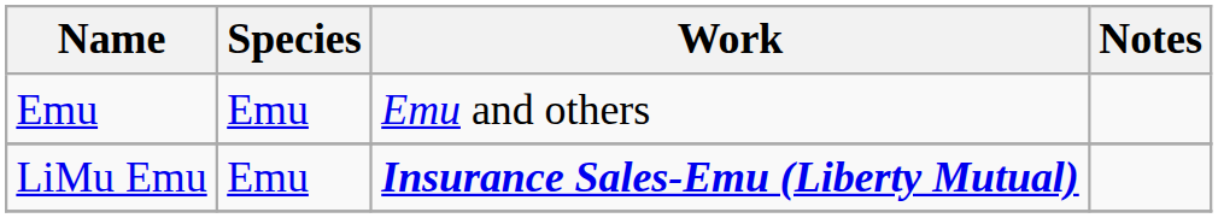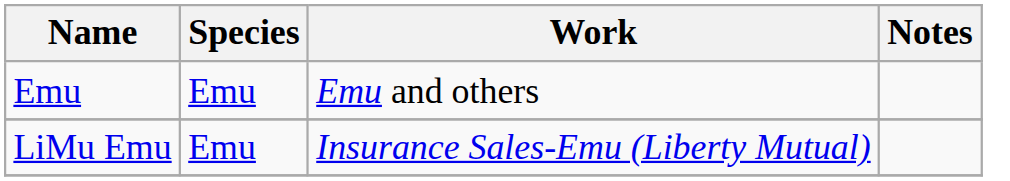 <table class="wikitable">
 <tr>
 <th>Name</th>
 <th>Species</th>
 <th>Work</th>
 <th>Notes</th>
 </tr>
 <tr>
 <td><a href='#'>Emu</a></td>
 <td><a href='#'>Emu</a></td>
 <td><em><a href='#'>Emu</a></em> and others</td>
 <td></td>
 </tr>
 <tr>
 </tr>
 <tr>
 <td><a href='#'>LiMu Emu</a></td>
 <td><a href='#'>Emu</a></td>
-<td><strong><em><a href='#'>Insurance Sales-Emu (Liberty Mutual)</a></em></strong></td>
+<td><em><a href='#'>Insurance Sales-Emu (Liberty Mutual)</a></em></td>
 <td></td>
 </tr>
 <tr>
 </tr>
 </table>
